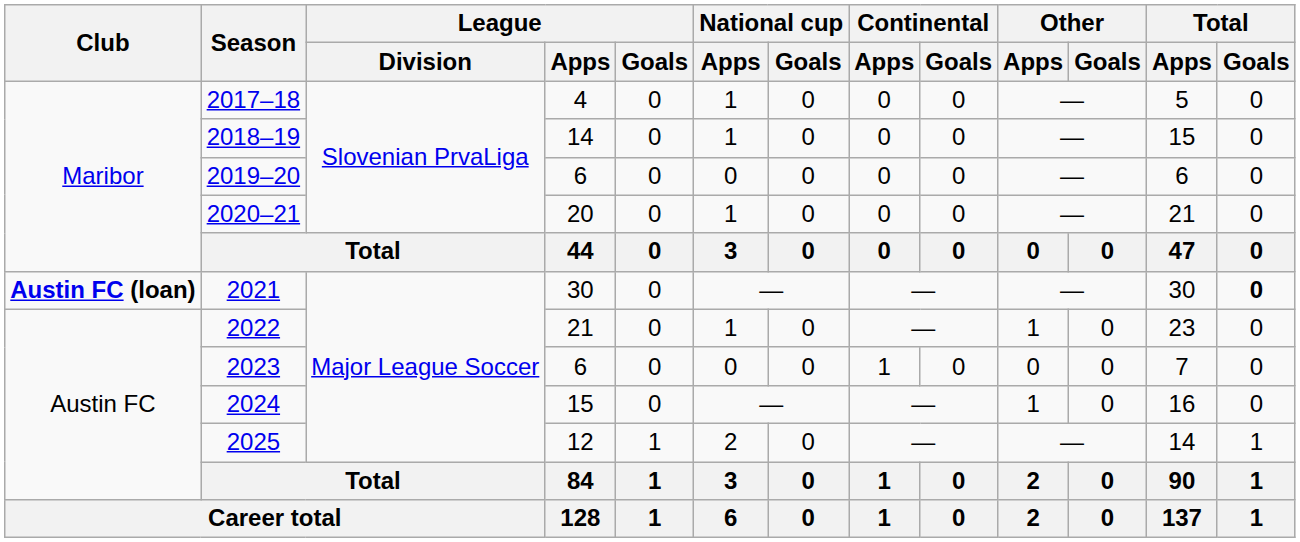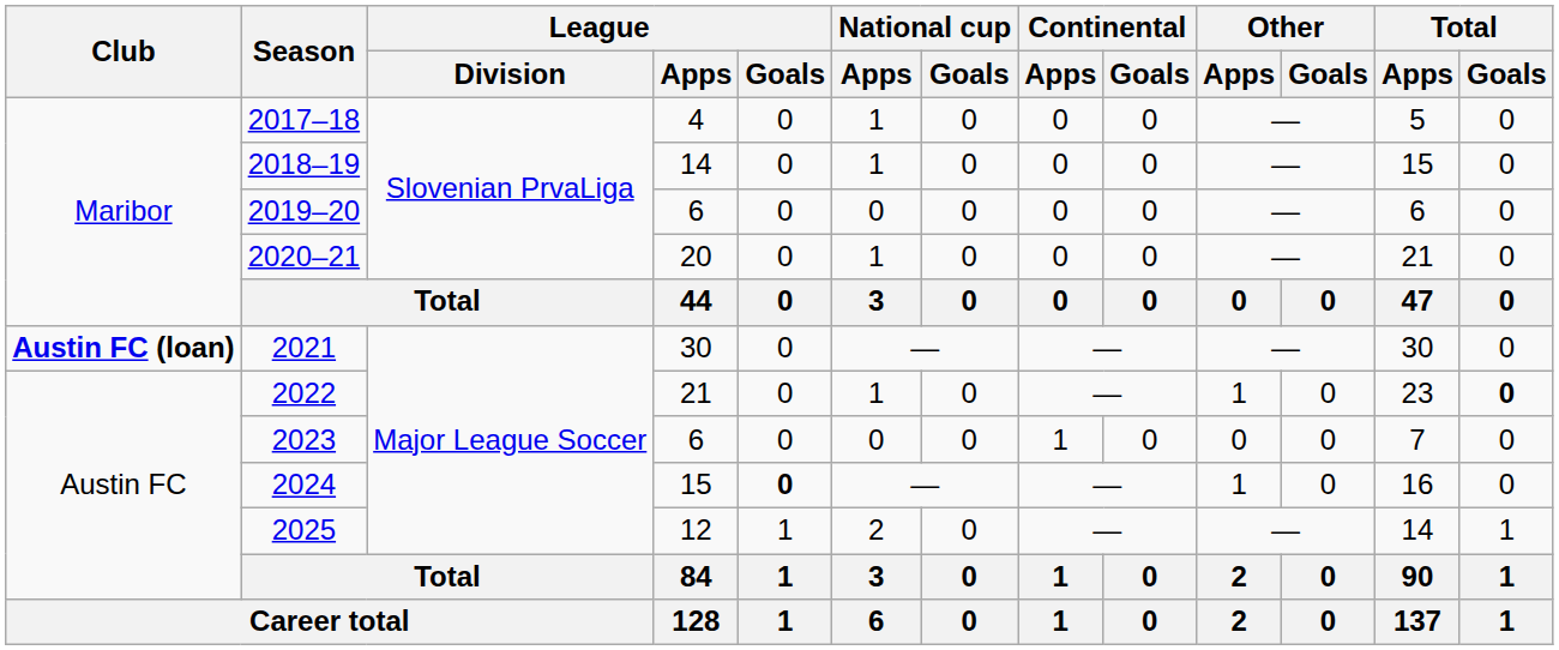 <table class=wikitable style=text-align:center>
 <tr>
 <th rowspan=2>Club</th>
 <th rowspan=2>Season</th>
 <th colspan=3>League</th>
 <th colspan=2>National cup</th>
 <th colspan=2>Continental</th>
 <th colspan=2>Other</th>
 <th colspan=2>Total</th>
 </tr>
 <tr>
 <th>Division</th>
 <th>Apps</th>
 <th>Goals</th>
 <th>Apps</th>
 <th>Goals</th>
 <th>Apps</th>
 <th>Goals</th>
 <th>Apps</th>
 <th>Goals</th>
 <th>Apps</th>
 <th>Goals</th>
 </tr>
 <tr>
 <td rowspan=5><a href='#'>Maribor</a></td>
 <td><a href='#'>2017–18</a></td>
 <td rowspan=4><a href='#'>Slovenian PrvaLiga</a></td>
 <td>4</td>
 <td>0</td>
 <td>1</td>
 <td>0</td>
 <td>0</td>
 <td>0</td>
 <td colspan="2">—</td>
 <td>5</td>
 <td>0</td>
 </tr>
 <tr>
 <td><a href='#'>2018–19</a></td>
 <td>14</td>
 <td>0</td>
 <td>1</td>
 <td>0</td>
 <td>0</td>
 <td>0</td>
 <td colspan="2">—</td>
 <td>15</td>
 <td>0</td>
 </tr>
 <tr>
 <td><a href='#'>2019–20</a></td>
 <td>6</td>
 <td>0</td>
 <td>0</td>
 <td>0</td>
 <td>0</td>
 <td>0</td>
 <td colspan="2">—</td>
 <td>6</td>
 <td>0</td>
 </tr>
 <tr>
 <td><a href='#'>2020–21</a></td>
 <td>20</td>
 <td>0</td>
 <td>1</td>
 <td>0</td>
 <td>0</td>
 <td>0</td>
 <td colspan="2">—</td>
 <td>21</td>
 <td>0</td>
 </tr>
 <tr>
 <th colspan=2>Total</th>
 <th>44</th>
 <th>0</th>
 <th>3</th>
 <th>0</th>
 <th>0</th>
 <th>0</th>
 <th>0</th>
 <th>0</th>
 <th>47</th>
 <th>0</th>
 </tr>
 <tr>
 <td><strong><a href='#'>Austin FC</a> (loan)</strong></td>
 <td><a href='#'>2021</a></td>
 <td rowspan=5><a href='#'>Major League Soccer</a></td>
 <td>30</td>
 <td>0</td>
 <td colspan=2>—</td>
 <td colspan=2>—</td>
 <td colspan="2">—</td>
 <td>30</td>
-<td><strong>0</strong></td>
+<td>0</td>
 </tr>
 <tr>
 <td rowspan="5">Austin FC</td>
 <td><a href='#'>2022</a></td>
 <td>21</td>
 <td>0</td>
 <td>1</td>
 <td>0</td>
 <td colspan=2>—</td>
 <td>1</td>
 <td>0</td>
 <td>23</td>
-<td>0</td>
+<td><strong>0</strong></td>
 </tr>
 <tr>
 <td><a href='#'>2023</a></td>
 <td>6</td>
 <td>0</td>
 <td>0</td>
 <td>0</td>
 <td>1</td>
 <td>0</td>
 <td>0</td>
 <td>0</td>
 <td>7</td>
 <td>0</td>
 </tr>
 <tr>
 <td><a href='#'>2024</a></td>
 <td>15</td>
-<td>0</td>
+<td><strong>0</strong></td>
 <td colspan=2>—</td>
 <td colspan=2>—</td>
 <td>1</td>
 <td>0</td>
 <td>16</td>
 <td>0</td>
 </tr>
 <tr>
 <td><a href='#'>2025</a></td>
 <td>12</td>
 <td>1</td>
 <td>2</td>
 <td>0</td>
 <td colspan=2>—</td>
 <td colspan=2>—</td>
 <td>14</td>
 <td>1</td>
 </tr>
 <tr>
 <th colspan=2>Total</th>
 <th>84</th>
 <th>1</th>
 <th>3</th>
 <th>0</th>
 <th>1</th>
 <th>0</th>
 <th>2</th>
 <th>0</th>
 <th>90</th>
 <th>1</th>
 </tr>
 <tr>
 <th colspan=3>Career total</th>
 <th>128</th>
 <th>1</th>
 <th>6</th>
 <th>0</th>
 <th>1</th>
 <th>0</th>
 <th>2</th>
 <th>0</th>
 <th>137</th>
 <th>1</th>
 </tr>
 </table>
